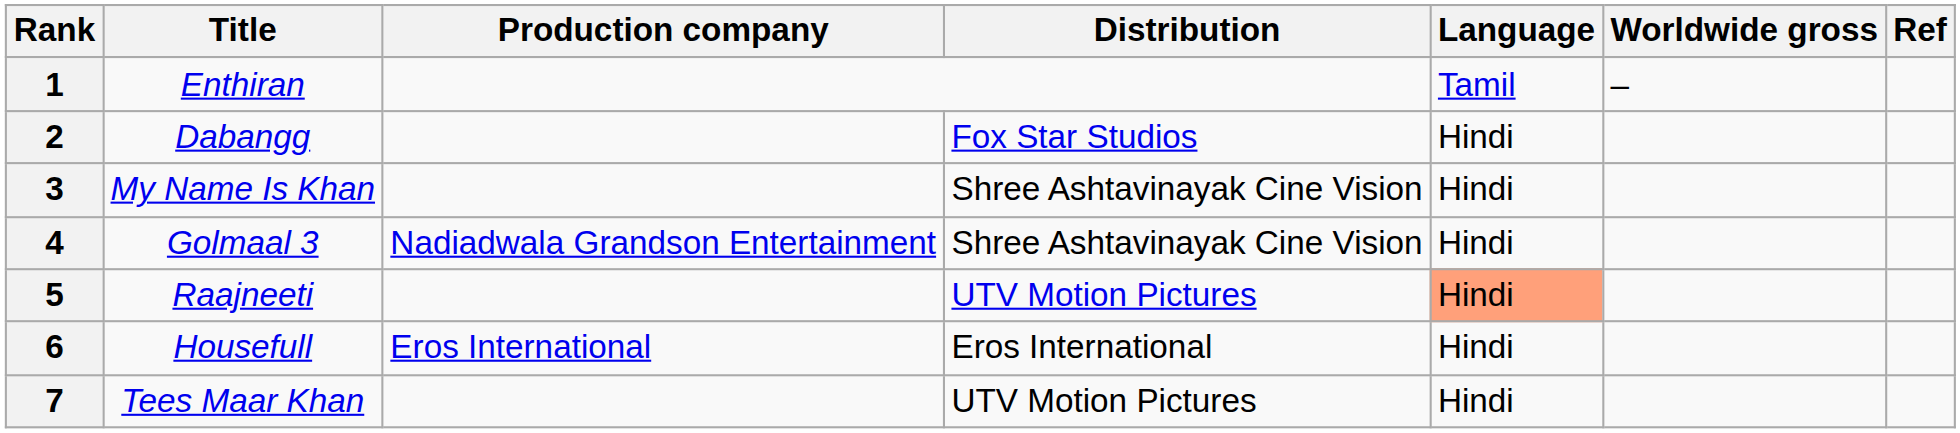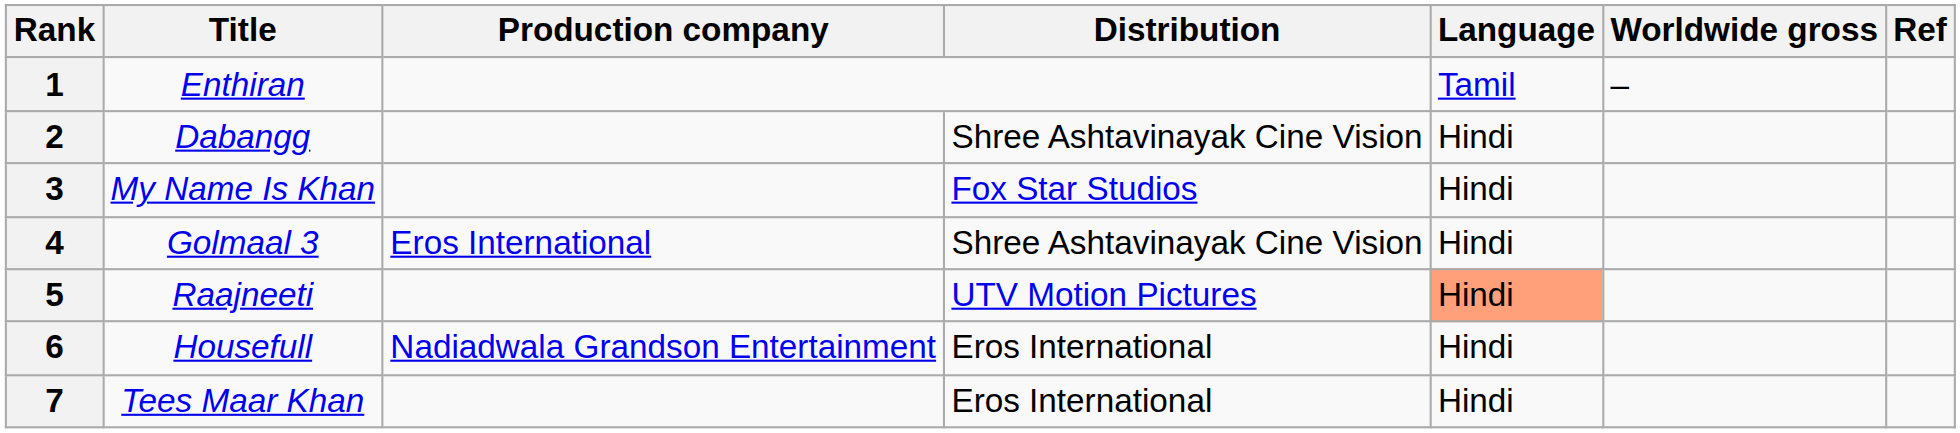 <table class="wikitable sortable" style=" margin:auto;">
 <tr>
 <th>Rank</th>
 <th>Title</th>
 <th>Production company</th>
 <th>Distribution</th>
 <th>Language</th>
 <th>Worldwide gross</th>
 <th>Ref</th>
 </tr>
 <tr>
 <th style="text-align:center;">1</th>
 <td style="text-align:center;"><em><a href='#'>Enthiran</a></em></td>
 <td colspan="2" style="text-align:center;"></td>
 <td><a href='#'>Tamil</a></td>
 <td>–</td>
 <td></td>
 </tr>
 <tr>
 <th style="textalign:center;">2</th>
 <td style="text-align:center;"><em><a href='#'>Dabangg</a></em></td>
 <td></td>
-<td><a href='#'>Fox Star Studios</a></td>
+<td>Shree Ashtavinayak Cine Vision</td>
 <td>Hindi</td>
 <td></td>
 <td></td>
 </tr>
 <tr>
 <th style="textalign:centre;">3</th>
 <td style="text-align:center;"><em><a href='#'>My Name Is Khan</a></em></td>
 <td></td>
-<td>Shree Ashtavinayak Cine Vision</td>
+<td><a href='#'>Fox Star Studios</a></td>
 <td>Hindi</td>
 <td></td>
 <td></td>
 </tr>
 <tr>
 <th style="text-align:center;">4</th>
 <td style="text-align:center;"><em><a href='#'>Golmaal 3</a></em></td>
-<td><a href='#'>Nadiadwala Grandson Entertainment</a></td>
+<td><a href='#'>Eros International</a></td>
 <td>Shree Ashtavinayak Cine Vision</td>
 <td>Hindi</td>
 <td></td>
 <td></td>
 </tr>
 <tr>
 <th style="textalign:centre;">5</th>
 <td style="text-align:center;"><em><a href='#'>Raajneeti</a></em></td>
 <td></td>
 <td><a href='#'>UTV Motion Pictures</a></td>
 <td style="background: lightsalmon;">Hindi</td>
 <td></td>
 <td></td>
 </tr>
 <tr>
 <th style="text-align:center;">6</th>
 <td style="text-align:center;"><em><a href='#'>Housefull</a></em></td>
-<td><a href='#'>Eros International</a></td>
+<td><a href='#'>Nadiadwala Grandson Entertainment</a></td>
 <td>Eros International</td>
 <td>Hindi</td>
 <td></td>
 <td></td>
 </tr>
 <tr>
 <th style="text-align:center;">7</th>
 <td style="text-align:center;"><a href='#'><em>Tees Maar Khan</em></a></td>
 <td></td>
-<td>UTV Motion Pictures</td>
+<td>Eros International</td>
 <td>Hindi</td>
 <td></td>
 <td></td>
 </tr>
 </table>
